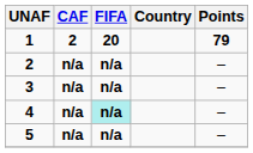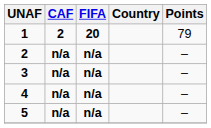 <table class="wikitable" style="text-align: center;">
 <tr>
 <th>UNAF</th>
 <th><a href='#'>CAF</a></th>
 <th><a href='#'>FIFA</a></th>
 <th>Country</th>
 <th>Points</th>
 </tr>
 <tr>
 <td><strong>1</strong></td>
 <td><strong>2</strong></td>
 <td><strong>20</strong></td>
 <td align=left></td>
-<td><strong>79</strong></td>
+<td>79</td>
 </tr>
 <tr>
 <td><strong>2</strong></td>
 <td><strong>n/a</strong></td>
 <td><strong>n/a</strong></td>
 <td align=left><em></em></td>
 <td>–</td>
 </tr>
 <tr>
 <td><strong>3</strong></td>
 <td><strong>n/a</strong></td>
 <td><strong>n/a</strong></td>
 <td align=left><em></em></td>
 <td>–</td>
 </tr>
 <tr>
 <td><strong>4</strong></td>
 <td><strong>n/a</strong></td>
-<td style="background: paleturquoise;"><strong>n/a</strong></td>
+<td><strong>n/a</strong></td>
 <td align=left><em></em></td>
 <td>–</td>
 </tr>
 <tr>
 <td><strong>5</strong></td>
 <td><strong>n/a</strong></td>
 <td><strong>n/a</strong></td>
 <td align=left><em></em></td>
 <td>–</td>
 </tr>
 <tr>
 </tr>
 </table>
